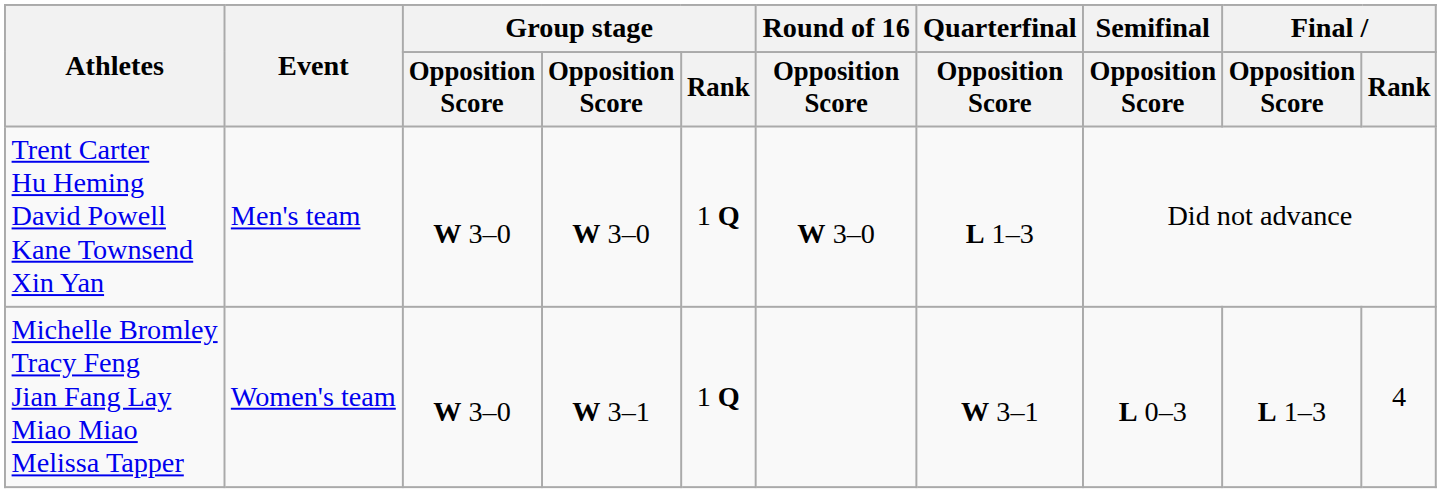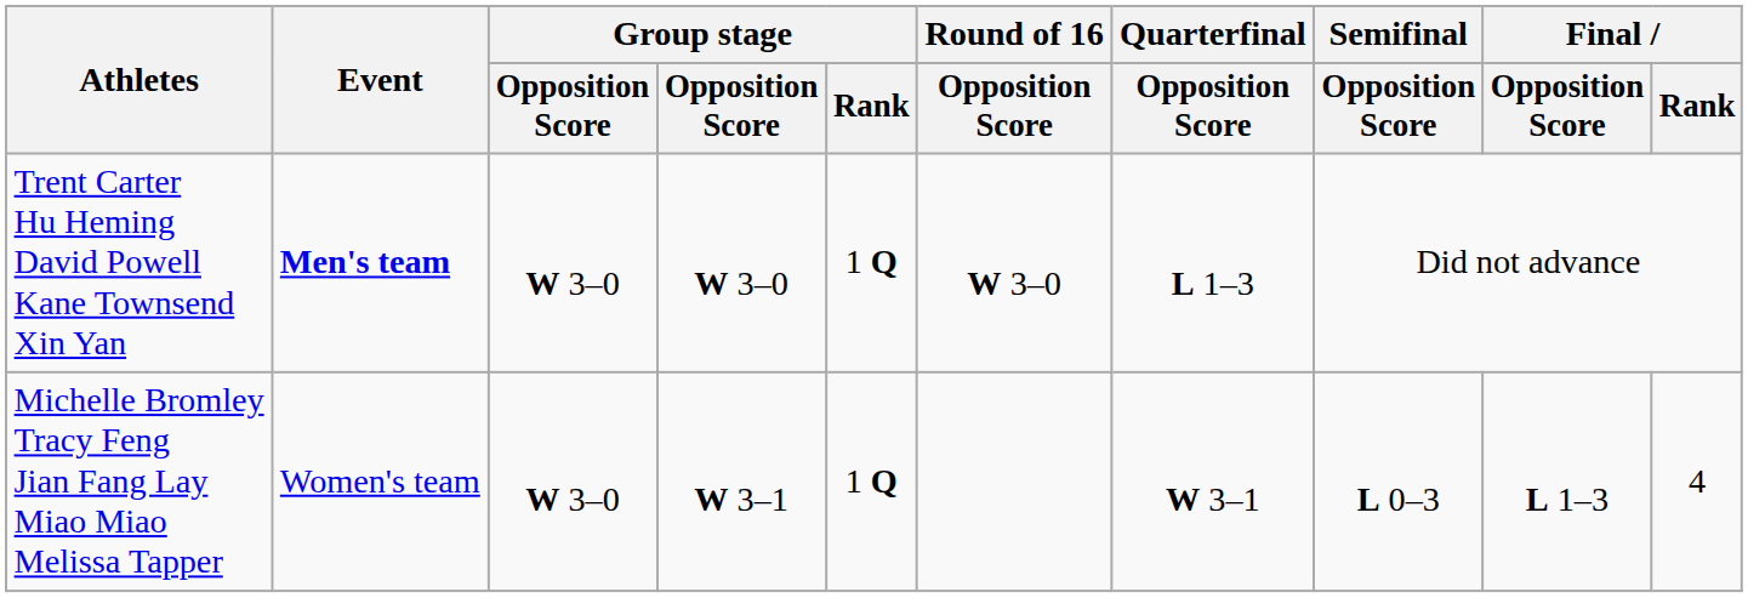 <table class=wikitable style=font-size:90%;text-align:center>
 <tr>
 <th rowspan=2>Athletes</th>
 <th rowspan=2>Event</th>
 <th colspan=3>Group stage</th>
 <th>Round of 16</th>
 <th>Quarterfinal</th>
 <th>Semifinal</th>
 <th colspan=2>Final / </th>
 </tr>
 <tr style=font-size:95%>
 <th>Opposition<br>Score</th>
 <th>Opposition<br>Score</th>
 <th>Rank</th>
 <th>Opposition<br>Score</th>
 <th>Opposition<br>Score</th>
 <th>Opposition<br>Score</th>
 <th>Opposition<br>Score</th>
 <th>Rank</th>
 </tr>
 <tr>
 <td align=left><a href='#'>Trent Carter</a><br><a href='#'>Hu Heming</a><br><a href='#'>David Powell</a><br><a href='#'>Kane Townsend</a><br><a href='#'>Xin Yan</a></td>
-<td align=left><a href='#'>Men's team</a></td>
+<td align=left><strong><a href='#'>Men's team</a></strong></td>
 <td><br><strong>W</strong> 3–0</td>
 <td><br><strong>W</strong> 3–0</td>
 <td>1 <strong>Q</strong></td>
 <td><br><strong>W</strong> 3–0</td>
 <td><br><strong>L</strong> 1–3</td>
 <td colspan=3>Did not advance</td>
 </tr>
 <tr>
 <td align=left><a href='#'>Michelle Bromley</a><br><a href='#'>Tracy Feng</a><br><a href='#'>Jian Fang Lay</a><br><a href='#'>Miao Miao</a><br><a href='#'>Melissa Tapper</a></td>
 <td align=left><a href='#'>Women's team</a></td>
 <td><br><strong>W</strong> 3–0</td>
 <td><br><strong>W</strong> 3–1</td>
 <td>1 <strong>Q</strong></td>
 <td></td>
 <td><br><strong>W</strong> 3–1</td>
 <td><br><strong>L</strong> 0–3</td>
 <td><br><strong>L</strong> 1–3</td>
 <td>4</td>
 </tr>
 </table>
